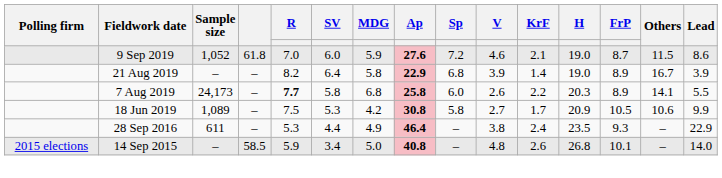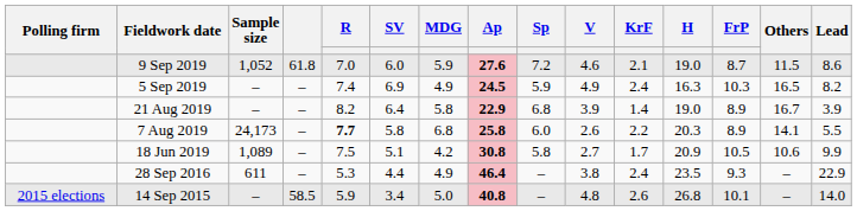 <table class="wikitable sortable" style="text-align:center;font-size:90%;line-height:14px;">
 <tr style="height:40px;">
 <th style="width:100px;" rowspan="2">Polling firm</th>
 <th style="width:100px;" rowspan="2">Fieldwork date</th>
 <th style="width:35px;" rowspan="2">Sample<br>size</th>
 <th style="width:30px;" rowspan="2"></th>
 <th class="unsortable" style="width:40px;"><a href='#'>R</a></th>
 <th class="unsortable" style="width:40px;"><a href='#'>SV</a></th>
 <th class="unsortable" style="width:40px;"><a href='#'>MDG</a></th>
 <th class="unsortable" style="width:40px;"><a href='#'>Ap</a></th>
 <th class="unsortable" style="width:40px;"><a href='#'>Sp</a></th>
 <th class="unsortable" style="width:40px;"><a href='#'>V</a></th>
 <th class="unsortable" style="width:40px;"><a href='#'>KrF</a></th>
 <th class="unsortable" style="width:40px;"><a href='#'>H</a></th>
 <th class="unsortable" style="width:40px;"><a href='#'>FrP</a></th>
 <th class="unsortable" style="width:30px;" rowspan="2">Others</th>
 <th style="width:30px;" rowspan="2">Lead</th>
 </tr>
 <tr>
 <th style="background:"></th>
 <th style="background:"></th>
 <th style="background:"></th>
 <th style="background:"></th>
 <th style="background:"></th>
 <th style="background:"></th>
 <th style="background:"></th>
 <th style="background:"></th>
 <th style="background:"></th>
 </tr>
 <tr style="background:#E9E9E9;">
 <td></td>
 <td data-sort-value="2019-09-09">9 Sep 2019</td>
 <td>1,052</td>
 <td>61.8</td>
 <td>7.0</td>
 <td>6.0</td>
 <td>5.9</td>
 <td style="background:#F7BDC5;"><strong>27.6</strong></td>
 <td>7.2</td>
 <td>4.6</td>
 <td>2.1</td>
 <td>19.0</td>
 <td>8.7</td>
 <td>11.5</td>
 <td style="background:">8.6</td>
 </tr>
 <tr>
 <td></td>
+<td data-sort-value="2019-09-05">5 Sep 2019</td>
+<td>–</td>
+<td>–</td>
+<td>7.4</td>
+<td>6.9</td>
+<td>4.9</td>
+<td style="background:#F7BDC5;"><strong>24.5</strong></td>
+<td>5.9</td>
+<td>4.9</td>
+<td>2.4</td>
+<td>16.3</td>
+<td>10.3</td>
+<td>16.5</td>
+<td style="background:">8.2</td>
+</tr>
+<tr>
+<td></td>
 <td data-sort-value="2019-08-21">21 Aug 2019</td>
 <td>–</td>
 <td>–</td>
 <td>8.2</td>
 <td>6.4</td>
 <td>5.8</td>
 <td style="background:#F7BDC5;"><strong>22.9</strong></td>
 <td>6.8</td>
 <td>3.9</td>
 <td>1.4</td>
 <td>19.0</td>
 <td>8.9</td>
 <td>16.7</td>
 <td style="background:">3.9</td>
 </tr>
 <tr>
 <td></td>
 <td data-sort-value="2019-08-09">7 Aug 2019</td>
 <td>24,173</td>
 <td>–</td>
 <td><strong>7.7</strong></td>
 <td>5.8</td>
 <td>6.8</td>
 <td style="background:#F7BDC5;"><strong>25.8</strong></td>
 <td>6.0</td>
 <td>2.6</td>
 <td>2.2</td>
 <td>20.3</td>
 <td>8.9</td>
 <td>14.1</td>
 <td style="background:">5.5</td>
 </tr>
 <tr>
 <td></td>
 <td data-sort-value="2019-06-18">18 Jun 2019</td>
 <td>1,089</td>
 <td>–</td>
 <td>7.5</td>
-<td>5.3</td>
+<td>5.1</td>
 <td>4.2</td>
 <td style="background:#F7BDC5;"><strong>30.8</strong></td>
 <td>5.8</td>
 <td>2.7</td>
 <td>1.7</td>
 <td>20.9</td>
 <td>10.5</td>
 <td>10.6</td>
 <td style="background:">9.9</td>
 </tr>
 <tr>
 <td></td>
 <td data-sort-value="2016-09-28">28 Sep 2016</td>
 <td>611</td>
 <td>–</td>
 <td>5.3</td>
 <td>4.4</td>
 <td>4.9</td>
 <td style="background:#F7BDC5;"><strong>46.4</strong></td>
 <td>–</td>
 <td>3.8</td>
 <td>2.4</td>
 <td>23.5</td>
 <td>9.3</td>
 <td>–</td>
 <td style="background:">22.9</td>
 </tr>
 <tr style="background:#E9E9E9;">
 <td><a href='#'>2015 elections</a></td>
 <td data-sort-value="2015-09-14">14 Sep 2015</td>
 <td>–</td>
 <td>58.5</td>
 <td>5.9</td>
 <td>3.4</td>
 <td>5.0</td>
 <td style="background:#F7BDC5;"><strong>40.8</strong></td>
 <td>–</td>
 <td>4.8</td>
 <td>2.6</td>
 <td>26.8</td>
 <td>10.1</td>
 <td>–</td>
 <td style="background:">14.0</td>
 </tr>
 </table>
